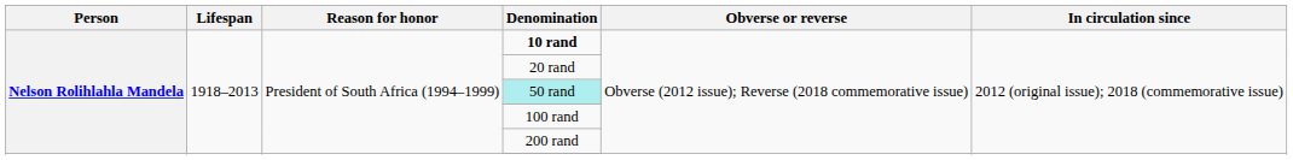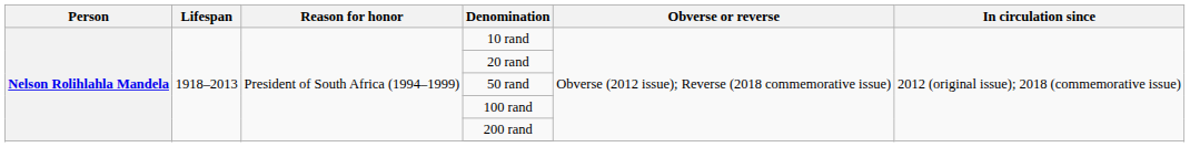 <table class="wikitable" style="font-size: 95%; text-align:center;">
 <tr>
 <th>Person</th>
 <th>Lifespan</th>
 <th>Reason for honor</th>
 <th>Denomination</th>
 <th>Obverse or reverse</th>
 <th>In circulation since</th>
 </tr>
 <tr>
 <th rowspan = 8><a href='#'>Nelson Rolihlahla Mandela</a></th>
 <td rowspan = 8>1918–2013</td>
 <td rowspan = 8>President of South Africa (1994–1999)</td>
-<td><strong>10 rand</strong></td>
+<td>10 rand</td>
 <td rowspan = 8>Obverse (2012 issue); Reverse (2018 commemorative issue)</td>
 <td rowspan = 8>2012 (original issue); 2018 (commemorative issue)</td>
 </tr>
 <tr>
 <td>20 rand</td>
 </tr>
 <tr>
-<td style="background: paleturquoise;">50 rand</td>
+<td>50 rand</td>
 </tr>
 <tr>
 <td>100 rand</td>
 </tr>
 <tr>
 <td>200 rand</td>
 </tr>
 <tr>
 </tr>
 </table>
